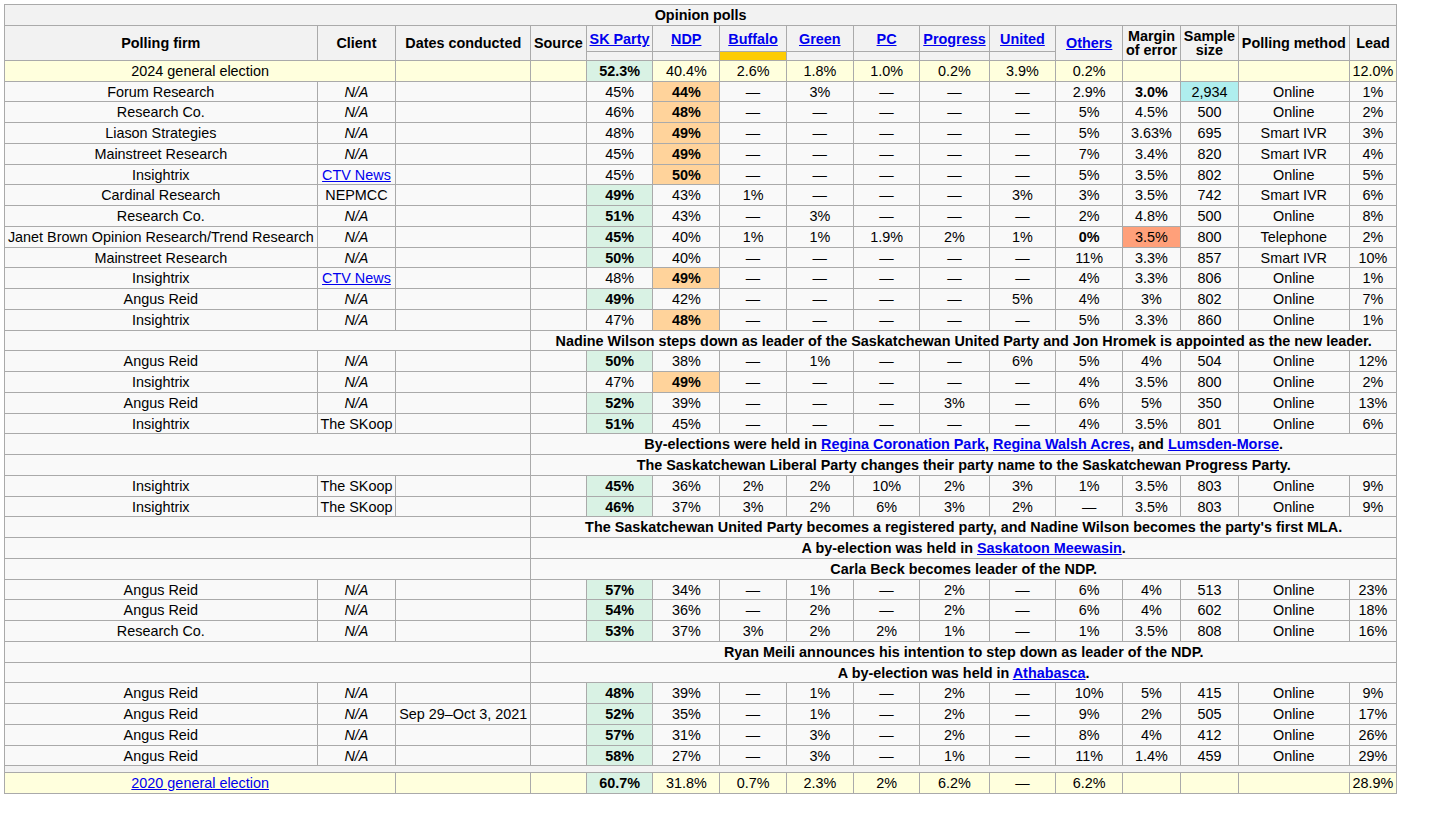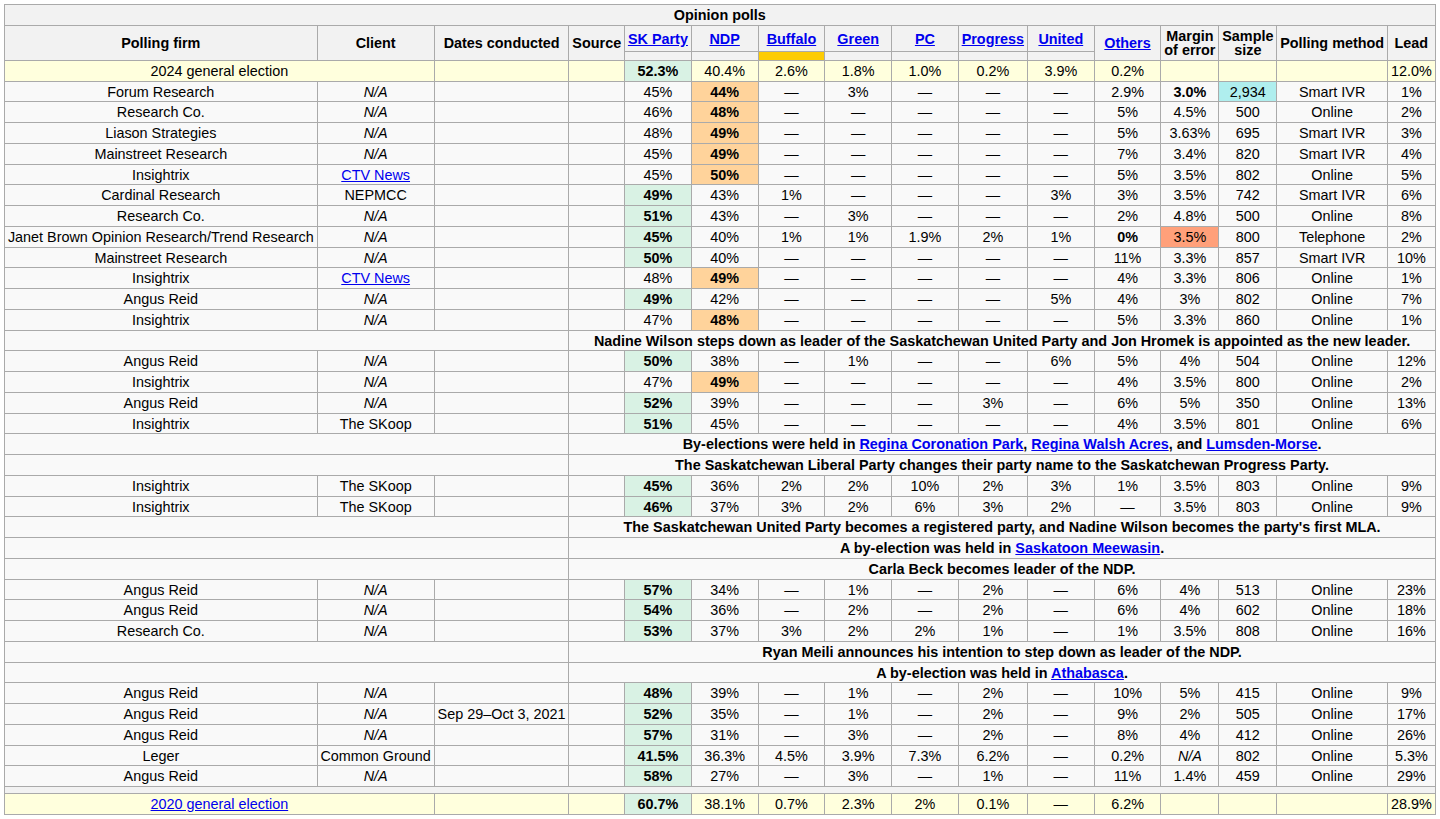 <table class="wikitable collapsible collapsed mw-datatable" style="text-align:center;font-size:90%;line-height:14px">
 <tr>
 <th width=830px, colspan="16">Opinion polls</th>
 </tr>
 <tr>
 <th rowspan="2">Polling firm</th>
 <th rowspan="2">Client</th>
 <th rowspan="2">Dates conducted</th>
 <th rowspan="2">Source</th>
 <th style="width:60px;" class="unsortable"><a href='#'>SK Party</a></th>
 <th style="width:60px;" class="unsortable"><a href='#'>NDP</a></th>
 <th style="width:60px;" class="unsortable"><a href='#'>Buffalo</a></th>
 <th style="width:60px;" class="unsortable"><a href='#'>Green</a></th>
 <th style="width:60px;" class="unsortable"><a href='#'>PC</a></th>
 <th style="width:60px;" class="unsortable"><a href='#'>Progress</a></th>
 <th style="width:60px;" class="unsortable"><a href='#'>United</a></th>
 <th rowspan="2" style="width:60px;"><a href='#'>Others</a></th>
 <th rowspan="2">Margin<br>of error</th>
 <th rowspan="2">Sample<br>size</th>
 <th rowspan="2">Polling method</th>
 <th rowspan="2" style="width:20px;">Lead</th>
 </tr>
 <tr>
 <th style="background:"></th>
 <th style="background:"></th>
 <th style="background:#FDCC04;"></th>
 <th style="background:"></th>
 <th style="background:"></th>
 <th style="background:"></th>
 <th style="background:"></th>
 </tr>
 <tr style="background:#ffd;">
 <td colspan="2">2024 general election</td>
 <td></td>
 <td></td>
 <td style="background:#D9F2E4;"><strong>52.3%</strong></td>
 <td>40.4%</td>
 <td>2.6%</td>
 <td>1.8%</td>
 <td>1.0%</td>
 <td>0.2%</td>
 <td>3.9%</td>
 <td>0.2%</td>
 <td></td>
 <td></td>
 <td></td>
 <td style="background:">12.0%</td>
 </tr>
 <tr>
 <td>Forum Research</td>
 <td><em>N/A</em></td>
 <td></td>
 <td></td>
 <td>45%</td>
 <td style="background:#FFD39B;"><strong>44%</strong></td>
 <td>—</td>
 <td>3%</td>
 <td>—</td>
 <td>—</td>
 <td>—</td>
 <td>2.9%</td>
 <td><strong>3.0%</strong></td>
 <td style="background: paleturquoise;">2,934</td>
-<td>Online</td>
+<td>Smart IVR</td>
 <td style="background:">1%</td>
 </tr>
 <tr>
 <td>Research Co.</td>
 <td><em>N/A</em></td>
 <td></td>
 <td></td>
 <td>46%</td>
 <td style="background:#FFD39B;"><strong>48%</strong></td>
 <td>—</td>
 <td>—</td>
 <td>—</td>
 <td>—</td>
 <td>—</td>
 <td>5%</td>
 <td>4.5%</td>
 <td>500</td>
 <td>Online</td>
 <td style="background:">2%</td>
 </tr>
 <tr>
 <td>Liason Strategies</td>
 <td><em>N/A</em></td>
 <td></td>
 <td></td>
 <td>48%</td>
 <td style="background:#FFD39B;"><strong>49%</strong></td>
 <td>—</td>
 <td>—</td>
 <td>—</td>
 <td>—</td>
 <td>—</td>
 <td>5%</td>
 <td>3.63%</td>
 <td>695</td>
 <td>Smart IVR</td>
 <td style="background:">3%</td>
 </tr>
 <tr>
 <td>Mainstreet Research</td>
 <td><em>N/A</em></td>
 <td></td>
 <td></td>
 <td>45%</td>
 <td style="background:#FFD39B;"><strong>49%</strong></td>
 <td>—</td>
 <td>—</td>
 <td>—</td>
 <td>—</td>
 <td>—</td>
 <td>7%</td>
 <td>3.4%</td>
 <td>820</td>
 <td>Smart IVR</td>
 <td style="background:">4%</td>
 </tr>
 <tr>
 <td>Insightrix</td>
 <td><a href='#'>CTV News</a></td>
 <td></td>
 <td></td>
 <td>45%</td>
 <td style="background:#FFD39B;"><strong>50%</strong></td>
 <td>—</td>
 <td>—</td>
 <td>—</td>
 <td>—</td>
 <td>—</td>
 <td>5%</td>
 <td>3.5%</td>
 <td>802</td>
 <td>Online</td>
 <td style="background:">5%</td>
 </tr>
 <tr>
 <td>Cardinal Research</td>
 <td>NEPMCC</td>
 <td></td>
 <td></td>
 <td style="background:#D9F2E4;"><strong>49%</strong></td>
 <td>43%</td>
 <td>1%</td>
 <td>—</td>
 <td>—</td>
 <td>—</td>
 <td>3%</td>
 <td>3%</td>
 <td>3.5%</td>
 <td>742</td>
 <td>Smart IVR</td>
 <td style="background:">6%</td>
 </tr>
 <tr>
 <td>Research Co.</td>
 <td><em>N/A</em></td>
 <td></td>
 <td></td>
 <td style="background:#D9F2E4;"><strong>51%</strong></td>
 <td>43%</td>
 <td>—</td>
 <td>3%</td>
 <td>—</td>
 <td>—</td>
 <td>—</td>
 <td>2%</td>
 <td>4.8%</td>
 <td>500</td>
 <td>Online</td>
 <td style="background:">8%</td>
 </tr>
 <tr>
 <td>Janet Brown Opinion Research/Trend Research</td>
 <td><em>N/A</em></td>
 <td></td>
 <td></td>
 <td style="background:#D9F2E4;"><strong>45%</strong></td>
 <td>40%</td>
 <td>1%</td>
 <td>1%</td>
 <td>1.9%</td>
 <td>2%</td>
 <td>1%</td>
 <td><strong>0%</strong></td>
 <td style="background: lightsalmon;">3.5%</td>
 <td>800</td>
 <td>Telephone</td>
 <td style="background:">2%</td>
 </tr>
 <tr>
 <td>Mainstreet Research</td>
 <td><em>N/A</em></td>
 <td></td>
 <td></td>
 <td style="background:#D9F2E4;"><strong>50%</strong></td>
 <td>40%</td>
 <td>—</td>
 <td>—</td>
 <td>—</td>
 <td>—</td>
 <td>—</td>
 <td>11%</td>
 <td>3.3%</td>
 <td>857</td>
 <td>Smart IVR</td>
 <td style="background:">10%</td>
 </tr>
 <tr>
 <td>Insightrix</td>
 <td><a href='#'>CTV News</a></td>
 <td></td>
 <td></td>
 <td>48%</td>
 <td style="background:#FFD39B;"><strong>49%</strong></td>
 <td>—</td>
 <td>—</td>
 <td>—</td>
 <td>—</td>
 <td>—</td>
 <td>4%</td>
 <td>3.3%</td>
 <td>806</td>
 <td>Online</td>
 <td style="background:">1%</td>
 </tr>
 <tr>
 <td>Angus Reid</td>
 <td><em>N/A</em></td>
 <td></td>
 <td></td>
 <td style="background:#D9F2E4;"><strong>49%</strong></td>
 <td>42%</td>
 <td>—</td>
 <td>—</td>
 <td>—</td>
 <td>—</td>
 <td>5%</td>
 <td>4%</td>
 <td>3%</td>
 <td>802</td>
 <td>Online</td>
 <td style="background:">7%</td>
 </tr>
 <tr>
 <td>Insightrix</td>
 <td><em>N/A</em></td>
 <td></td>
 <td></td>
 <td>47%</td>
 <td style="background:#FFD39B;"><strong>48%</strong></td>
 <td>—</td>
 <td>—</td>
 <td>—</td>
 <td>—</td>
 <td>—</td>
 <td>5%</td>
 <td>3.3%</td>
 <td>860</td>
 <td>Online</td>
 <td style="background:">1%</td>
 </tr>
 <tr>
 <td colspan="3"></td>
 <td colspan="13"><strong>Nadine Wilson steps down as leader of the Saskatchewan United Party and Jon Hromek is appointed as the new leader.</strong></td>
 </tr>
 <tr>
 <td>Angus Reid</td>
 <td><em>N/A</em></td>
 <td></td>
 <td></td>
 <td style="background:#D9F2E4;"><strong>50%</strong></td>
 <td>38%</td>
 <td>—</td>
 <td>1%</td>
 <td>—</td>
 <td>—</td>
 <td>6%</td>
 <td>5%</td>
 <td>4%</td>
 <td>504</td>
 <td>Online</td>
 <td style="background:">12%</td>
 </tr>
 <tr>
 <td>Insightrix</td>
 <td><em>N/A</em></td>
 <td></td>
 <td></td>
 <td>47%</td>
 <td style="background:#FFD39B"><strong>49%</strong></td>
 <td>—</td>
 <td>—</td>
 <td>—</td>
 <td>—</td>
 <td>—</td>
 <td>4%</td>
 <td>3.5%</td>
 <td>800</td>
 <td>Online</td>
 <td style="background:">2%</td>
 </tr>
 <tr>
 <td>Angus Reid</td>
 <td><em>N/A</em></td>
 <td></td>
 <td></td>
 <td style="background:#D9F2E4;"><strong>52%</strong></td>
 <td>39%</td>
 <td>—</td>
 <td>—</td>
 <td>—</td>
 <td>3%</td>
 <td>—</td>
 <td>6%</td>
 <td>5%</td>
 <td>350</td>
 <td>Online</td>
 <td style="background:">13%</td>
 </tr>
 <tr>
 <td>Insightrix</td>
 <td>The SKoop</td>
 <td></td>
 <td></td>
 <td style="background:#D9F2E4;"><strong>51%</strong></td>
 <td>45%</td>
 <td>—</td>
 <td>—</td>
 <td>—</td>
 <td>—</td>
 <td>—</td>
 <td>4%</td>
 <td>3.5%</td>
 <td>801</td>
 <td>Online</td>
 <td style="background:">6%</td>
 </tr>
 <tr>
 <td colspan="3"></td>
 <td colspan="13"><strong> By-elections were held in <a href='#'>Regina Coronation Park</a>, <a href='#'>Regina Walsh Acres</a>, and <a href='#'>Lumsden-Morse</a>.</strong></td>
 </tr>
 <tr>
 <td colspan="3"></td>
 <td colspan="13"><strong>The Saskatchewan Liberal Party changes their party name to the Saskatchewan Progress Party.</strong></td>
 </tr>
 <tr>
 <td>Insightrix</td>
 <td>The SKoop</td>
 <td></td>
 <td></td>
 <td style="background:#D9F2E4;"><strong>45%</strong></td>
 <td>36%</td>
 <td>2%</td>
 <td>2%</td>
 <td>10%</td>
 <td>2%</td>
 <td>3%</td>
 <td>1%</td>
 <td>3.5%</td>
 <td>803</td>
 <td>Online</td>
 <td style="background:">9%</td>
 </tr>
 <tr>
 <td>Insightrix</td>
 <td>The SKoop</td>
 <td></td>
 <td></td>
 <td style="background:#D9F2E4;"><strong>46%</strong></td>
 <td>37%</td>
 <td>3%</td>
 <td>2%</td>
 <td>6%</td>
 <td>3%</td>
 <td>2%</td>
 <td>—</td>
 <td>3.5%</td>
 <td>803</td>
 <td>Online</td>
 <td style="background:">9%</td>
 </tr>
 <tr>
 <td colspan="3"></td>
 <td colspan="13"><strong>The Saskatchewan United Party becomes a registered party, and Nadine Wilson becomes the party's first MLA.</strong></td>
 </tr>
 <tr>
 <td colspan="3"></td>
 <td colspan="13"><strong>A by-election was held in <a href='#'>Saskatoon Meewasin</a>.</strong></td>
 </tr>
 <tr>
 <td colspan="3"></td>
 <td colspan="13"><strong>Carla Beck becomes leader of the NDP.</strong></td>
 </tr>
 <tr>
 <td>Angus Reid</td>
 <td><em>N/A</em></td>
 <td></td>
 <td></td>
 <td style="background:#D9F2E4;"><strong>57%</strong></td>
 <td>34%</td>
 <td>—</td>
 <td>1%</td>
 <td>—</td>
 <td>2%</td>
 <td>—</td>
 <td>6%</td>
 <td>4%</td>
 <td>513</td>
 <td>Online</td>
 <td style="background:">23%</td>
 </tr>
 <tr>
 <td>Angus Reid</td>
 <td><em>N/A</em></td>
 <td></td>
 <td></td>
 <td style="background:#D9F2E4;"><strong>54%</strong></td>
 <td>36%</td>
 <td>—</td>
 <td>2%</td>
 <td>—</td>
 <td>2%</td>
 <td>—</td>
 <td>6%</td>
 <td>4%</td>
 <td>602</td>
 <td>Online</td>
 <td style="background:">18%</td>
 </tr>
 <tr>
 <td>Research Co.</td>
 <td><em>N/A</em></td>
 <td></td>
 <td></td>
 <td style="background:#D9F2E4;"><strong>53%</strong></td>
 <td>37%</td>
 <td>3%</td>
 <td>2%</td>
 <td>2%</td>
 <td>1%</td>
 <td>—</td>
 <td>1%</td>
 <td>3.5%</td>
 <td>808</td>
 <td>Online</td>
 <td style="background:">16%</td>
 </tr>
 <tr>
 <td colspan="3"></td>
 <td colspan="13"><strong>Ryan Meili announces his intention to step down as leader of the NDP.</strong></td>
 </tr>
 <tr>
 <td colspan="3"></td>
 <td colspan="13"><strong>A by-election was held in <a href='#'>Athabasca</a>.</strong></td>
 </tr>
 <tr>
 <td>Angus Reid</td>
 <td><em>N/A</em></td>
 <td></td>
 <td></td>
 <td style="background:#D9F2E4;"><strong>48%</strong></td>
 <td>39%</td>
 <td>—</td>
 <td>1%</td>
 <td>—</td>
 <td>2%</td>
 <td>—</td>
 <td>10%</td>
 <td>5%</td>
 <td>415</td>
 <td>Online</td>
 <td style="background:">9%</td>
 </tr>
 <tr>
 <td>Angus Reid</td>
 <td><em>N/A</em></td>
 <td>Sep 29–Oct 3, 2021</td>
 <td></td>
 <td style="background:#D9F2E4;"><strong>52%</strong></td>
 <td>35%</td>
 <td>—</td>
 <td>1%</td>
 <td>—</td>
 <td>2%</td>
 <td>—</td>
 <td>9%</td>
 <td>2%</td>
 <td>505</td>
 <td>Online</td>
 <td style="background:">17%</td>
 </tr>
 <tr>
 <td>Angus Reid</td>
 <td><em>N/A</em></td>
 <td></td>
 <td></td>
 <td style="background:#D9F2E4;"><strong>57%</strong></td>
 <td>31%</td>
 <td>—</td>
 <td>3%</td>
 <td>—</td>
 <td>2%</td>
 <td>—</td>
 <td>8%</td>
 <td>4%</td>
 <td>412</td>
 <td>Online</td>
 <td style="background:">26%</td>
 </tr>
 <tr>
+<td>Leger</td>
+<td>Common Ground</td>
+<td></td>
+<td></td>
+<td style="background:#D9F2E4;"><strong>41.5%</strong></td>
+<td>36.3%</td>
+<td>4.5%</td>
+<td>3.9%</td>
+<td>7.3%</td>
+<td>6.2%</td>
+<td>—</td>
+<td>0.2%</td>
+<td><em>N/A</em></td>
+<td>802</td>
+<td>Online</td>
+<td style="background:">5.3%</td>
+</tr>
+<tr>
 <td>Angus Reid</td>
 <td><em>N/A</em></td>
 <td></td>
 <td></td>
 <td style="background:#D9F2E4;"><strong>58%</strong></td>
 <td>27%</td>
 <td>—</td>
 <td>3%</td>
 <td>—</td>
 <td>1%</td>
 <td>—</td>
 <td>11%</td>
 <td>1.4%</td>
 <td>459</td>
 <td>Online</td>
 <td style="background:">29%</td>
 </tr>
 <tr>
 <th colspan="16"></th>
 </tr>
 <tr style="background:#ffd;">
 <td colspan="2"><a href='#'>2020 general election</a></td>
 <td></td>
 <td></td>
 <td style="background:#D9F2E4;"><strong>60.7%</strong></td>
-<td>31.8%</td>
+<td>38.1%</td>
 <td>0.7%</td>
 <td>2.3%</td>
 <td>2%</td>
-<td>6.2%</td>
+<td>0.1%</td>
 <td>—</td>
 <td>6.2%</td>
 <td></td>
 <td></td>
 <td></td>
 <td style="background:">28.9%</td>
 </tr>
 <tr>
 </tr>
 </table>
